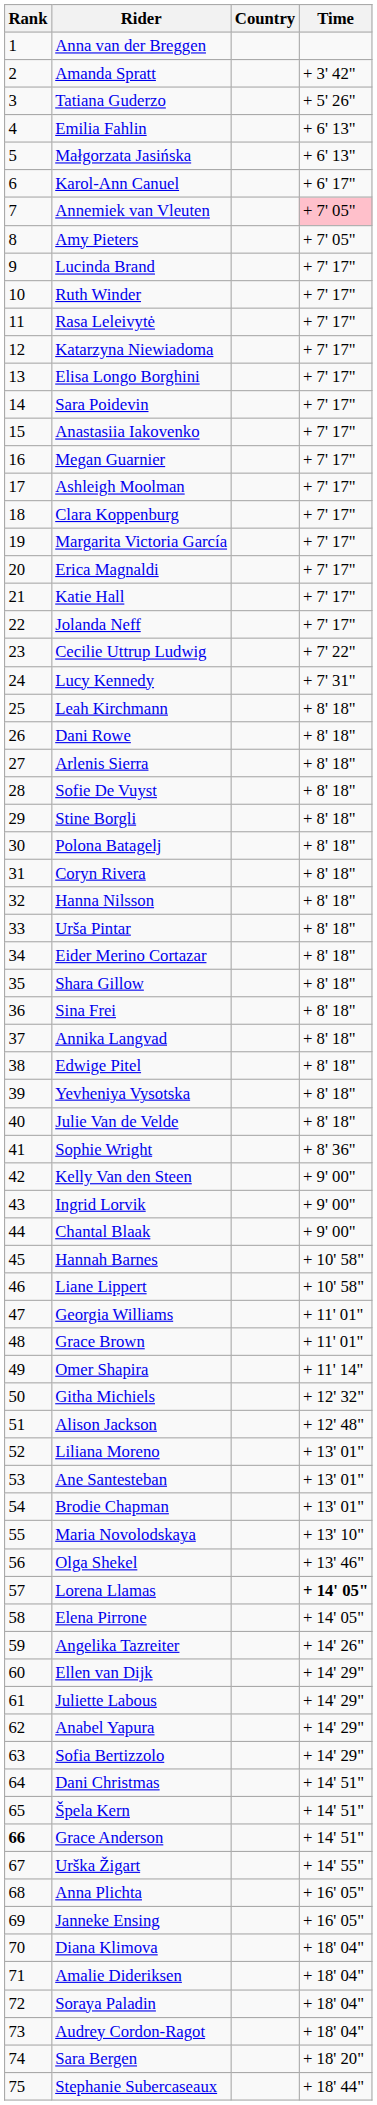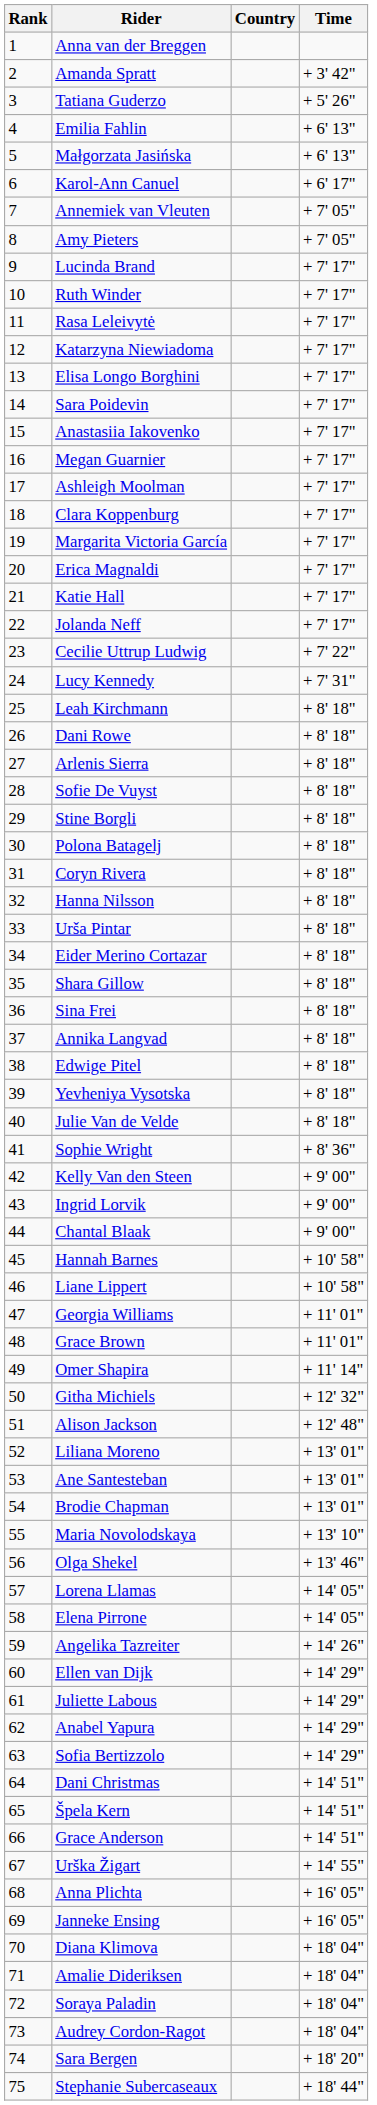 <table class="wikitable sortable" style="font-size:95%; text-align:left;">
 <tr>
 <th>Rank</th>
 <th>Rider</th>
 <th>Country</th>
 <th>Time</th>
 </tr>
 <tr>
 <td>1</td>
 <td><a href='#'>Anna van der Breggen</a></td>
 <td></td>
 <td></td>
 </tr>
 <tr>
 <td>2</td>
 <td><a href='#'>Amanda Spratt</a></td>
 <td></td>
 <td>+ 3' 42"</td>
 </tr>
 <tr>
 <td>3</td>
 <td><a href='#'>Tatiana Guderzo</a></td>
 <td></td>
 <td>+ 5' 26"</td>
 </tr>
 <tr>
 <td>4</td>
 <td><a href='#'>Emilia Fahlin</a></td>
 <td></td>
 <td>+ 6' 13"</td>
 </tr>
 <tr>
 <td>5</td>
 <td><a href='#'>Małgorzata Jasińska</a></td>
 <td></td>
 <td>+ 6' 13"</td>
 </tr>
 <tr>
 <td>6</td>
 <td><a href='#'>Karol-Ann Canuel</a></td>
 <td></td>
 <td>+ 6' 17"</td>
 </tr>
 <tr>
 <td>7</td>
 <td><a href='#'>Annemiek van Vleuten</a></td>
 <td></td>
-<td style="background: pink;">+ 7' 05"</td>
+<td>+ 7' 05"</td>
 </tr>
 <tr>
 <td>8</td>
 <td><a href='#'>Amy Pieters</a></td>
 <td></td>
 <td>+ 7' 05"</td>
 </tr>
 <tr>
 <td>9</td>
 <td><a href='#'>Lucinda Brand</a></td>
 <td></td>
 <td>+ 7' 17"</td>
 </tr>
 <tr>
 <td>10</td>
 <td><a href='#'>Ruth Winder</a></td>
 <td></td>
 <td>+ 7' 17"</td>
 </tr>
 <tr>
 <td>11</td>
 <td><a href='#'>Rasa Leleivytė</a></td>
 <td></td>
 <td>+ 7' 17"</td>
 </tr>
 <tr>
 <td>12</td>
 <td><a href='#'>Katarzyna Niewiadoma</a></td>
 <td></td>
 <td>+ 7' 17"</td>
 </tr>
 <tr>
 <td>13</td>
 <td><a href='#'>Elisa Longo Borghini</a></td>
 <td></td>
 <td>+ 7' 17"</td>
 </tr>
 <tr>
 <td>14</td>
 <td><a href='#'>Sara Poidevin</a></td>
 <td></td>
 <td>+ 7' 17"</td>
 </tr>
 <tr>
 <td>15</td>
 <td><a href='#'>Anastasiia Iakovenko</a></td>
 <td></td>
 <td>+ 7' 17"</td>
 </tr>
 <tr>
 <td>16</td>
 <td><a href='#'>Megan Guarnier</a></td>
 <td></td>
 <td>+ 7' 17"</td>
 </tr>
 <tr>
 <td>17</td>
 <td><a href='#'>Ashleigh Moolman</a></td>
 <td></td>
 <td>+ 7' 17"</td>
 </tr>
 <tr>
 <td>18</td>
 <td><a href='#'>Clara Koppenburg</a></td>
 <td></td>
 <td>+ 7' 17"</td>
 </tr>
 <tr>
 <td>19</td>
 <td><a href='#'>Margarita Victoria García</a></td>
 <td></td>
 <td>+ 7' 17"</td>
 </tr>
 <tr>
 <td>20</td>
 <td><a href='#'>Erica Magnaldi</a></td>
 <td></td>
 <td>+ 7' 17"</td>
 </tr>
 <tr>
 <td>21</td>
 <td><a href='#'>Katie Hall</a></td>
 <td></td>
 <td>+ 7' 17"</td>
 </tr>
 <tr>
 <td>22</td>
 <td><a href='#'>Jolanda Neff</a></td>
 <td></td>
 <td>+ 7' 17"</td>
 </tr>
 <tr>
 <td>23</td>
 <td><a href='#'>Cecilie Uttrup Ludwig</a></td>
 <td></td>
 <td>+ 7' 22"</td>
 </tr>
 <tr>
 <td>24</td>
 <td><a href='#'>Lucy Kennedy</a></td>
 <td></td>
 <td>+ 7' 31"</td>
 </tr>
 <tr>
 <td>25</td>
 <td><a href='#'>Leah Kirchmann</a></td>
 <td></td>
 <td>+ 8' 18"</td>
 </tr>
 <tr>
 <td>26</td>
 <td><a href='#'>Dani Rowe</a></td>
 <td></td>
 <td>+ 8' 18"</td>
 </tr>
 <tr>
 <td>27</td>
 <td><a href='#'>Arlenis Sierra</a></td>
 <td></td>
 <td>+ 8' 18"</td>
 </tr>
 <tr>
 <td>28</td>
 <td><a href='#'>Sofie De Vuyst</a></td>
 <td></td>
 <td>+ 8' 18"</td>
 </tr>
 <tr>
 <td>29</td>
 <td><a href='#'>Stine Borgli</a></td>
 <td></td>
 <td>+ 8' 18"</td>
 </tr>
 <tr>
 <td>30</td>
 <td><a href='#'>Polona Batagelj</a></td>
 <td></td>
 <td>+ 8' 18"</td>
 </tr>
 <tr>
 <td>31</td>
 <td><a href='#'>Coryn Rivera</a></td>
 <td></td>
 <td>+ 8' 18"</td>
 </tr>
 <tr>
 <td>32</td>
 <td><a href='#'>Hanna Nilsson</a></td>
 <td></td>
 <td>+ 8' 18"</td>
 </tr>
 <tr>
 <td>33</td>
 <td><a href='#'>Urša Pintar</a></td>
 <td></td>
 <td>+ 8' 18"</td>
 </tr>
 <tr>
 <td>34</td>
 <td><a href='#'>Eider Merino Cortazar</a></td>
 <td></td>
 <td>+ 8' 18"</td>
 </tr>
 <tr>
 <td>35</td>
 <td><a href='#'>Shara Gillow</a></td>
 <td></td>
 <td>+ 8' 18"</td>
 </tr>
 <tr>
 <td>36</td>
 <td><a href='#'>Sina Frei</a></td>
 <td></td>
 <td>+ 8' 18"</td>
 </tr>
 <tr>
 <td>37</td>
 <td><a href='#'>Annika Langvad</a></td>
 <td></td>
 <td>+ 8' 18"</td>
 </tr>
 <tr>
 <td>38</td>
 <td><a href='#'>Edwige Pitel</a></td>
 <td></td>
 <td>+ 8' 18"</td>
 </tr>
 <tr>
 <td>39</td>
 <td><a href='#'>Yevheniya Vysotska</a></td>
 <td></td>
 <td>+ 8' 18"</td>
 </tr>
 <tr>
 <td>40</td>
 <td><a href='#'>Julie Van de Velde</a></td>
 <td></td>
 <td>+ 8' 18"</td>
 </tr>
 <tr>
 <td>41</td>
 <td><a href='#'>Sophie Wright</a></td>
 <td></td>
 <td>+ 8' 36"</td>
 </tr>
 <tr>
 <td>42</td>
 <td><a href='#'>Kelly Van den Steen</a></td>
 <td></td>
 <td>+ 9' 00"</td>
 </tr>
 <tr>
 <td>43</td>
 <td><a href='#'>Ingrid Lorvik</a></td>
 <td></td>
 <td>+ 9' 00"</td>
 </tr>
 <tr>
 <td>44</td>
 <td><a href='#'>Chantal Blaak</a></td>
 <td></td>
 <td>+ 9' 00"</td>
 </tr>
 <tr>
 <td>45</td>
 <td><a href='#'>Hannah Barnes</a></td>
 <td></td>
 <td>+ 10' 58"</td>
 </tr>
 <tr>
 <td>46</td>
 <td><a href='#'>Liane Lippert</a></td>
 <td></td>
 <td>+ 10' 58"</td>
 </tr>
 <tr>
 <td>47</td>
 <td><a href='#'>Georgia Williams</a></td>
 <td></td>
 <td>+ 11' 01"</td>
 </tr>
 <tr>
 <td>48</td>
 <td><a href='#'>Grace Brown</a></td>
 <td></td>
 <td>+ 11' 01"</td>
 </tr>
 <tr>
 <td>49</td>
 <td><a href='#'>Omer Shapira</a></td>
 <td></td>
 <td>+ 11' 14"</td>
 </tr>
 <tr>
 <td>50</td>
 <td><a href='#'>Githa Michiels</a></td>
 <td></td>
 <td>+ 12' 32"</td>
 </tr>
 <tr>
 <td>51</td>
 <td><a href='#'>Alison Jackson</a></td>
 <td></td>
 <td>+ 12' 48"</td>
 </tr>
 <tr>
 <td>52</td>
 <td><a href='#'>Liliana Moreno</a></td>
 <td></td>
 <td>+ 13' 01"</td>
 </tr>
 <tr>
 <td>53</td>
 <td><a href='#'>Ane Santesteban</a></td>
 <td></td>
 <td>+ 13' 01"</td>
 </tr>
 <tr>
 <td>54</td>
 <td><a href='#'>Brodie Chapman</a></td>
 <td></td>
 <td>+ 13' 01"</td>
 </tr>
 <tr>
 <td>55</td>
 <td><a href='#'>Maria Novolodskaya</a></td>
 <td></td>
 <td>+ 13' 10"</td>
 </tr>
 <tr>
 <td>56</td>
 <td><a href='#'>Olga Shekel</a></td>
 <td></td>
 <td>+ 13' 46"</td>
 </tr>
 <tr>
 <td>57</td>
 <td><a href='#'>Lorena Llamas</a></td>
 <td></td>
-<td><strong>+ 14' 05"</strong></td>
+<td>+ 14' 05"</td>
 </tr>
 <tr>
 <td>58</td>
 <td><a href='#'>Elena Pirrone</a></td>
 <td></td>
 <td>+ 14' 05"</td>
 </tr>
 <tr>
 <td>59</td>
 <td><a href='#'>Angelika Tazreiter</a></td>
 <td></td>
 <td>+ 14' 26"</td>
 </tr>
 <tr>
 <td>60</td>
 <td><a href='#'>Ellen van Dijk</a></td>
 <td></td>
 <td>+ 14' 29"</td>
 </tr>
 <tr>
 <td>61</td>
 <td><a href='#'>Juliette Labous</a></td>
 <td></td>
 <td>+ 14' 29"</td>
 </tr>
 <tr>
 <td>62</td>
 <td><a href='#'>Anabel Yapura</a></td>
 <td></td>
 <td>+ 14' 29"</td>
 </tr>
 <tr>
 <td>63</td>
 <td><a href='#'>Sofia Bertizzolo</a></td>
 <td></td>
 <td>+ 14' 29"</td>
 </tr>
 <tr>
 <td>64</td>
 <td><a href='#'>Dani Christmas</a></td>
 <td></td>
 <td>+ 14' 51"</td>
 </tr>
 <tr>
 <td>65</td>
 <td><a href='#'>Špela Kern</a></td>
 <td></td>
 <td>+ 14' 51"</td>
 </tr>
 <tr>
-<td><strong>66</strong></td>
+<td>66</td>
 <td><a href='#'>Grace Anderson</a></td>
 <td></td>
 <td>+ 14' 51"</td>
 </tr>
 <tr>
 <td>67</td>
 <td><a href='#'>Urška Žigart</a></td>
 <td></td>
 <td>+ 14' 55"</td>
 </tr>
 <tr>
 <td>68</td>
 <td><a href='#'>Anna Plichta</a></td>
 <td></td>
 <td>+ 16' 05"</td>
 </tr>
 <tr>
 <td>69</td>
 <td><a href='#'>Janneke Ensing</a></td>
 <td></td>
 <td>+ 16' 05"</td>
 </tr>
 <tr>
 <td>70</td>
 <td><a href='#'>Diana Klimova</a></td>
 <td></td>
 <td>+ 18' 04"</td>
 </tr>
 <tr>
 <td>71</td>
 <td><a href='#'>Amalie Dideriksen</a></td>
 <td></td>
 <td>+ 18' 04"</td>
 </tr>
 <tr>
 <td>72</td>
 <td><a href='#'>Soraya Paladin</a></td>
 <td></td>
 <td>+ 18' 04"</td>
 </tr>
 <tr>
 <td>73</td>
 <td><a href='#'>Audrey Cordon-Ragot</a></td>
 <td></td>
 <td>+ 18' 04"</td>
 </tr>
 <tr>
 <td>74</td>
 <td><a href='#'>Sara Bergen</a></td>
 <td></td>
 <td>+ 18' 20"</td>
 </tr>
 <tr>
 <td>75</td>
 <td><a href='#'>Stephanie Subercaseaux</a></td>
 <td></td>
 <td>+ 18' 44"</td>
 </tr>
 </table>
